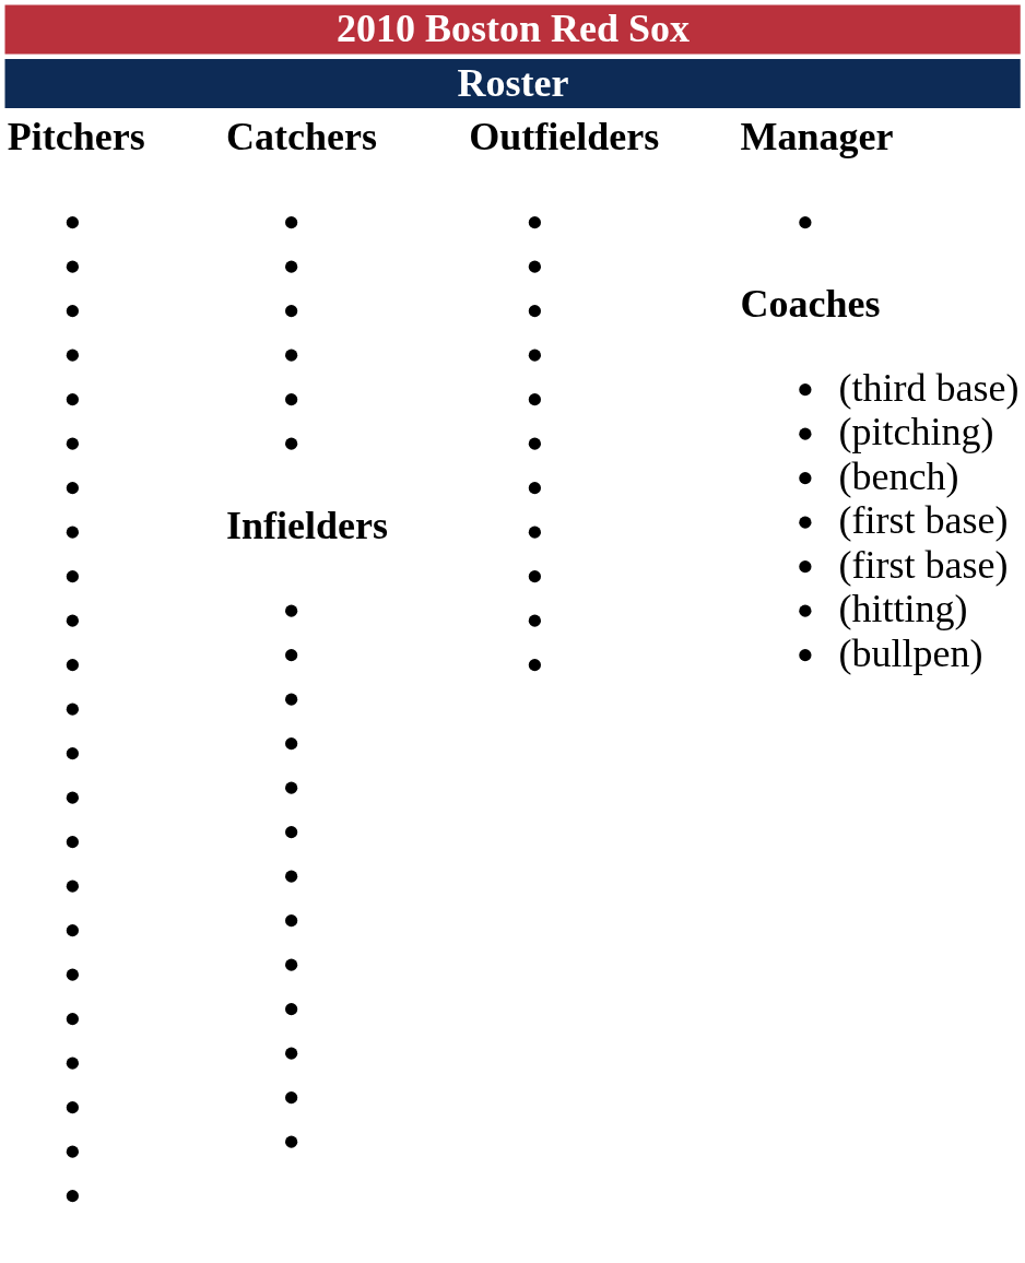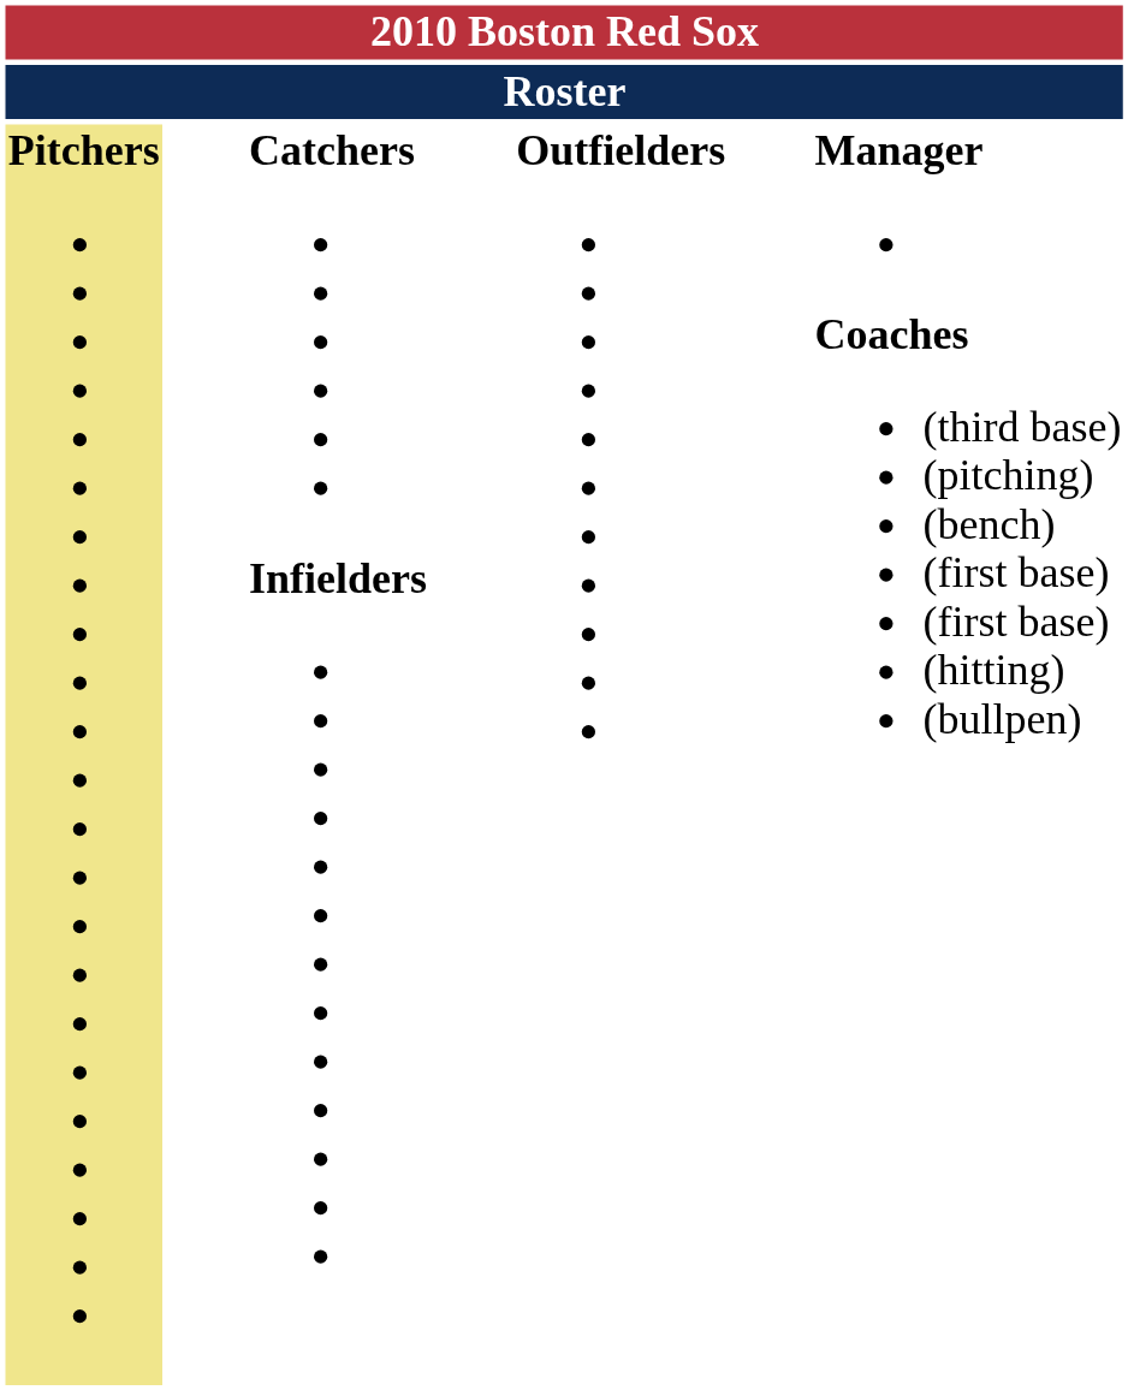 <table class="toccolours" style="text-align: left;">
 <tr>
 <th colspan="10" style="background:#ba313c; color:#fff; text-align:center;">2010 Boston Red Sox</th>
 </tr>
 <tr>
 <td colspan="10" style="background:#0d2b56; color:white; text-align:center;"><strong>Roster</strong></td>
 </tr>
 <tr>
-<td valign="top"><strong>Pitchers</strong><br><ul><li></li><li></li><li></li><li></li><li></li><li></li><li></li><li></li><li></li><li></li><li></li><li></li><li></li><li></li><li></li><li></li><li></li><li></li><li></li><li></li><li></li><li></li><li></li></ul></td>
+<td valign="top" style="background: khaki;"><strong>Pitchers</strong><br><ul><li></li><li></li><li></li><li></li><li></li><li></li><li></li><li></li><li></li><li></li><li></li><li></li><li></li><li></li><li></li><li></li><li></li><li></li><li></li><li></li><li></li><li></li><li></li></ul></td>
 <td style="width:25px;"></td>
 <td valign="top"><strong>Catchers</strong><br><ul><li></li><li></li><li></li><li></li><li></li><li></li></ul><strong>Infielders</strong><ul><li></li><li></li><li></li><li></li><li></li><li></li><li></li><li></li><li></li><li></li><li></li><li></li><li></li></ul></td>
 <td style="width:25px;"></td>
 <td valign="top"><strong>Outfielders</strong><br><ul><li></li><li></li><li></li><li></li><li></li><li></li><li></li><li></li><li></li><li></li><li></li></ul></td>
 <td style="width:25px;"></td>
 <td valign="top"><strong>Manager</strong><br><ul><li></li></ul><strong>Coaches</strong><ul><li> (third base)</li><li> (pitching)</li><li> (bench)</li><li> (first base)</li><li> (first base)</li><li> (hitting)</li><li> (bullpen)</li></ul></td>
 </tr>
 </table>
